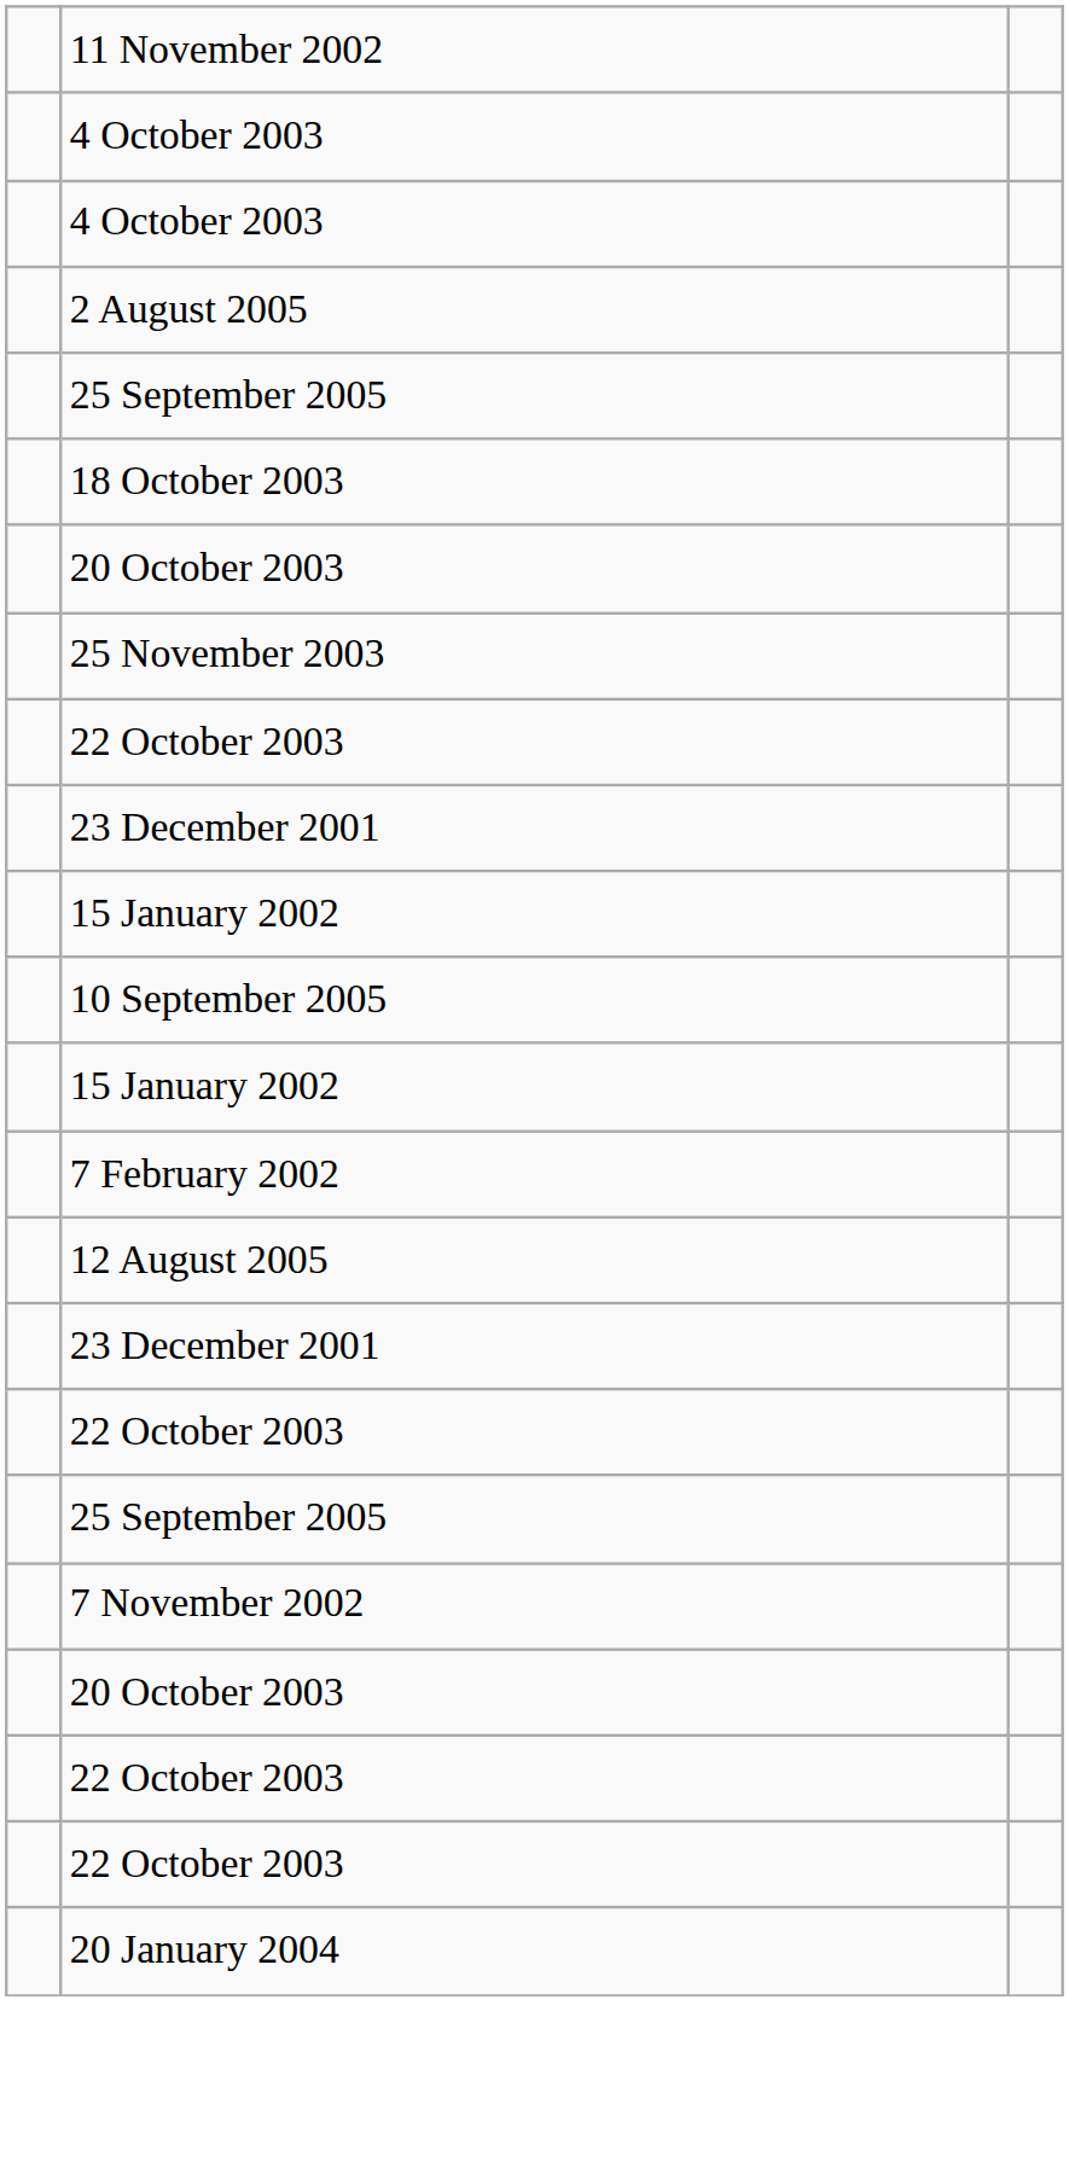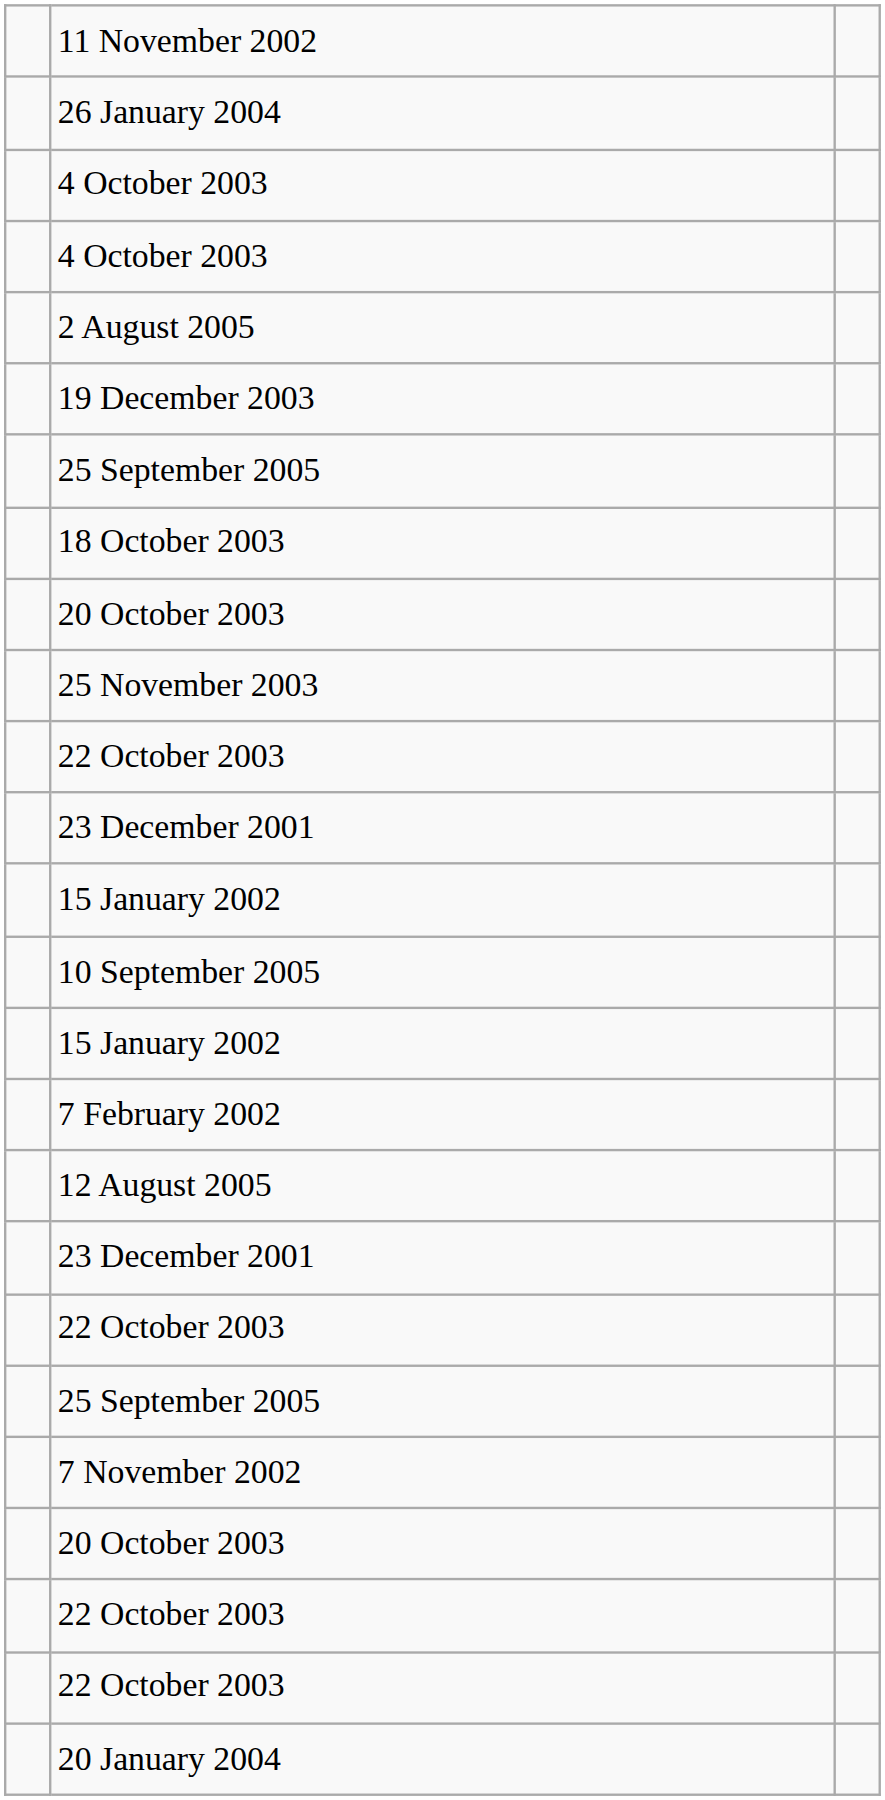 <table class="wikitable" style="font-size: 89%; float: left; width: 26em; margin-right: 1em; line-height: 1.65em !important; height: 675px;">
 <tr>
 <td></td>
 <td>11 November 2002</td>
+<td></td>
+</tr>
+<tr>
+<td></td>
+<td>26 January 2004</td>
 <td></td>
 </tr>
 <tr>
 <td></td>
 <td>4 October 2003</td>
 <td></td>
 </tr>
 <tr>
 <td></td>
 <td>4 October 2003</td>
 <td></td>
 </tr>
 <tr>
 <td></td>
 <td>2 August 2005</td>
+<td></td>
+</tr>
+<tr>
+<td></td>
+<td>19 December 2003</td>
 <td></td>
 </tr>
 <tr>
 <td></td>
 <td>25 September 2005</td>
 <td></td>
 </tr>
 <tr>
 <td></td>
 <td>18 October 2003</td>
 <td></td>
 </tr>
 <tr>
 <td></td>
 <td>20 October 2003</td>
 <td></td>
 </tr>
 <tr>
 <td></td>
 <td>25 November 2003</td>
 <td></td>
 </tr>
 <tr>
 <td></td>
 <td>22 October 2003</td>
 <td></td>
 </tr>
 <tr>
 <td></td>
 <td>23 December 2001</td>
 <td></td>
 </tr>
 <tr>
 <td></td>
 <td>15 January 2002</td>
 <td></td>
 </tr>
 <tr>
 <td></td>
 <td>10 September 2005</td>
 <td></td>
 </tr>
 <tr>
 <td></td>
 <td>15 January 2002</td>
 <td></td>
 </tr>
 <tr>
 <td></td>
 <td>7 February 2002</td>
 <td></td>
 </tr>
 <tr>
 <td></td>
 <td>12 August 2005</td>
 <td></td>
 </tr>
 <tr>
 <td></td>
 <td>23 December 2001</td>
 <td></td>
 </tr>
 <tr>
 <td></td>
 <td>22 October 2003</td>
 <td></td>
 </tr>
 <tr>
 <td></td>
 <td>25 September 2005</td>
 <td></td>
 </tr>
 <tr>
 <td></td>
 <td>7 November 2002</td>
 <td></td>
 </tr>
 <tr>
 <td></td>
 <td>20 October 2003</td>
 <td></td>
 </tr>
 <tr>
 <td></td>
 <td>22 October 2003</td>
 <td></td>
 </tr>
 <tr>
 <td></td>
 <td>22 October 2003</td>
 <td></td>
 </tr>
 <tr>
 <td></td>
 <td>20 January 2004</td>
 <td></td>
 </tr>
 </table>
